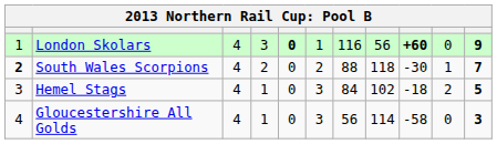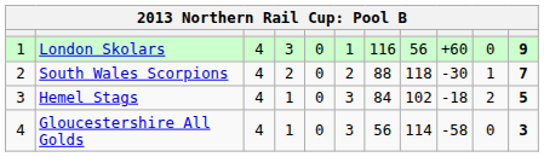 <table class="wikitable" style="text-align:center;">
 <tr>
 <th colspan="11">2013 Northern Rail Cup: Pool B</th>
 </tr>
 <tr>
 <th width="20"></th>
 <th width="175"></th>
 <th width="20"></th>
 <th width="20"></th>
 <th width="20"></th>
 <th width="20"></th>
 <th width="25"></th>
 <th width="25"></th>
 <th width="25"></th>
 <th width="25"></th>
 <th width="20"></th>
 </tr>
 <tr align=center style="background:#CCFFCC;">
 <td>1</td>
 <td style="text-align:left;"> <a href='#'>London Skolars</a></td>
 <td>4</td>
 <td>3</td>
-<td><strong>0</strong></td>
+<td>0</td>
 <td>1</td>
 <td>116</td>
 <td>56</td>
-<td><strong>+60</strong></td>
+<td>+60</td>
 <td>0</td>
 <td><strong>9</strong></td>
 </tr>
 <tr align=center style="background:#;">
-<td><strong>2</strong></td>
+<td>2</td>
 <td style="text-align:left"> <a href='#'>South Wales Scorpions</a></td>
 <td>4</td>
 <td>2</td>
 <td>0</td>
 <td>2</td>
 <td>88</td>
 <td>118</td>
 <td>-30</td>
 <td>1</td>
 <td><strong>7</strong></td>
 </tr>
 <tr align=center style="background:#;">
 <td>3</td>
 <td style="text-align:left;"> <a href='#'>Hemel Stags</a></td>
 <td>4</td>
 <td>1</td>
 <td>0</td>
 <td>3</td>
 <td>84</td>
 <td>102</td>
 <td>-18</td>
 <td>2</td>
 <td><strong>5</strong></td>
 </tr>
 <tr align=center style="background:#;">
 <td>4</td>
 <td style="text-align:left;"> <a href='#'>Gloucestershire All Golds</a></td>
 <td>4</td>
 <td>1</td>
 <td>0</td>
 <td>3</td>
 <td>56</td>
 <td>114</td>
 <td>-58</td>
 <td>0</td>
 <td><strong>3</strong></td>
 </tr>
 </table>
